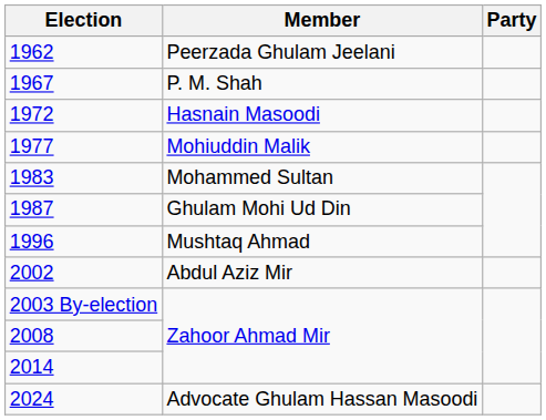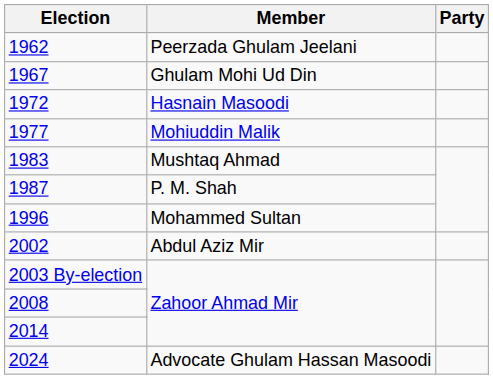 <table class="wikitable sortable">
 <tr>
 <th>Election</th>
 <th>Member</th>
 <th colspan=2>Party</th>
 </tr>
 <tr>
 <td><a href='#'>1962</a></td>
 <td>Peerzada Ghulam Jeelani</td>
 <td></td>
 </tr>
 <tr>
 <td><a href='#'>1967</a></td>
-<td>P. M. Shah</td>
+<td>Ghulam Mohi Ud Din</td>
 <td></td>
 </tr>
 <tr>
 <td><a href='#'>1972</a></td>
 <td><a href='#'>Hasnain Masoodi</a></td>
 </tr>
 <tr>
 <td><a href='#'>1977</a></td>
 <td><a href='#'>Mohiuddin Malik</a></td>
 <td></td>
 </tr>
 <tr>
 <td><a href='#'>1983</a></td>
-<td>Mohammed Sultan</td>
+<td>Mushtaq Ahmad</td>
 </tr>
 <tr>
 <td><a href='#'>1987</a></td>
-<td>Ghulam Mohi Ud Din</td>
+<td>P. M. Shah</td>
 </tr>
 <tr>
 <td><a href='#'>1996</a></td>
-<td>Mushtaq Ahmad</td>
+<td>Mohammed Sultan</td>
 </tr>
 <tr>
 <td><a href='#'>2002</a></td>
 <td>Abdul Aziz Mir</td>
 <td></td>
 </tr>
 <tr>
 <td><a href='#'>2003 By-election</a></td>
 <td rowspan=3><a href='#'>Zahoor Ahmad Mir</a></td>
 </tr>
 <tr>
 <td><a href='#'>2008</a></td>
 </tr>
 <tr>
 <td><a href='#'>2014</a></td>
 </tr>
 <tr>
 <td><a href='#'>2024</a></td>
 <td>Advocate Ghulam Hassan Masoodi</td>
 <td></td>
 </tr>
 </table>
